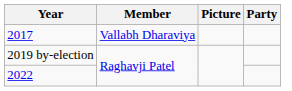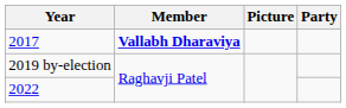 <table class="wikitable sortable">
 <tr>
 <th>Year</th>
 <th>Member</th>
 <th>Picture</th>
 <th colspan="2">Party</th>
 </tr>
 <tr>
 <td><a href='#'>2017</a></td>
-<td><a href='#'>Vallabh Dharaviya</a></td>
+<td><strong><a href='#'>Vallabh Dharaviya</a></strong></td>
 <td></td>
 <td></td>
 </tr>
 <tr>
 <td>2019 by-election</td>
 <td rowspan="2"><a href='#'>Raghavji Patel</a></td>
 <td rowspan="2"></td>
 <td></td>
 </tr>
 <tr>
 <td><a href='#'>2022</a></td>
 </tr>
 </table>
